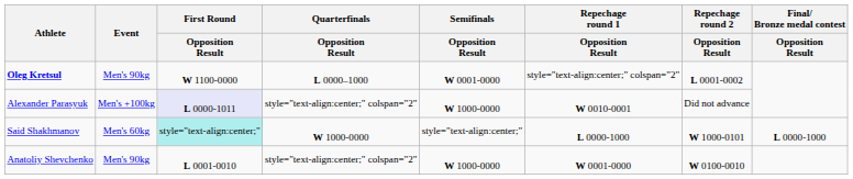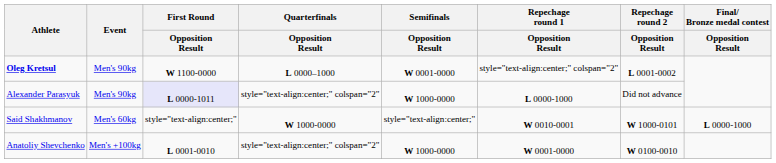 <table class=wikitable style="font-size:90%">
 <tr>
 <th rowspan="2">Athlete</th>
 <th rowspan="2">Event</th>
 <th>First Round</th>
 <th>Quarterfinals</th>
 <th>Semifinals</th>
 <th>Repechage <br>round 1</th>
 <th>Repechage <br>round 2</th>
 <th>Final/<br>Bronze medal contest</th>
 </tr>
 <tr>
 <th>Opposition<br>Result</th>
 <th>Opposition<br>Result</th>
 <th>Opposition<br>Result</th>
 <th>Opposition<br>Result</th>
 <th>Opposition<br>Result</th>
 <th>Opposition<br>Result</th>
 </tr>
 <tr>
 <td><strong><a href='#'>Oleg Kretsul</a></strong></td>
 <td style="text-align:center;"><a href='#'>Men's 90kg</a></td>
 <td style="text-align:center;"><br> <strong>W</strong> 1100-0000</td>
 <td style="text-align:center;"><br> <strong>L</strong> 0000–1000</td>
 <td style="text-align:center;"><br> <strong>W</strong> 0001-0000</td>
 <td>style="text-align:center;" colspan="2" </td>
 <td style="text-align:center;"><br> <strong>L</strong> 0001-0002</td>
 </tr>
 <tr>
 <td><a href='#'>Alexander Parasyuk</a></td>
-<td style="text-align:center;"><a href='#'>Men's +100kg</a></td>
+<td style="text-align:center;"><a href='#'>Men's 90kg</a></td>
 <td style="background: lavender; text-align:center;"><br> <strong>L</strong> 0000-1011</td>
 <td>style="text-align:center;" colspan="2" </td>
 <td style="text-align:center;"><br> <strong>W</strong> 1000-0000</td>
-<td style="text-align:center;"><br> <strong>W</strong> 0010-0001</td>
+<td style="text-align:center;"><br> <strong>L</strong> 0000-1000</td>
 <td style="text-align:center;">Did not advance</td>
 </tr>
 <tr>
 <td><a href='#'>Said Shakhmanov</a></td>
 <td style="text-align:center;"><a href='#'>Men's 60kg</a></td>
-<td style="background: paleturquoise;">style="text-align:center;" </td>
+<td>style="text-align:center;" </td>
 <td style="text-align:center;"><br> <strong>W</strong> 1000-0000</td>
 <td>style="text-align:center;" </td>
-<td style="text-align:center;"><br> <strong>L</strong> 0000-1000</td>
+<td style="text-align:center;"><br> <strong>W</strong> 0010-0001</td>
 <td style="text-align:center;"><br> <strong>W</strong> 1000-0101</td>
 <td style="text-align:center;"><br> <strong>L</strong> 0000-1000</td>
 </tr>
 <tr>
 <td><a href='#'>Anatoliy Shevchenko</a></td>
-<td style="text-align:center;"><a href='#'>Men's 90kg</a></td>
+<td style="text-align:center;"><a href='#'>Men's +100kg</a></td>
 <td style="text-align:center;"><br> <strong>L</strong> 0001-0010</td>
 <td>style="text-align:center;" colspan="2" </td>
 <td style="text-align:center;"><br> <strong>W</strong> 1000-0000</td>
 <td style="text-align:center;"><br> <strong>W</strong> 0001-0000</td>
 <td style="text-align:center;"><br><strong>W</strong> 0100-0010 </td>
 </tr>
 </table>
